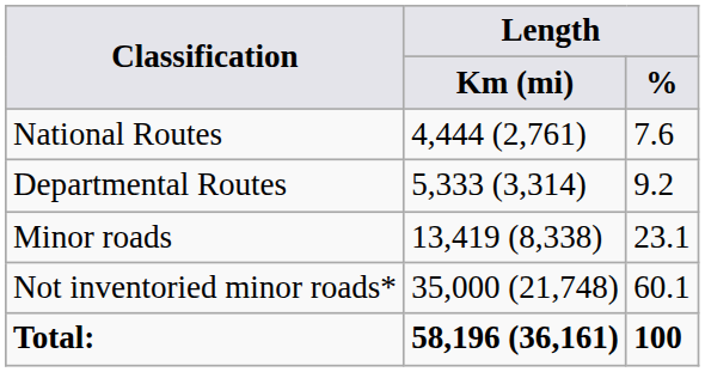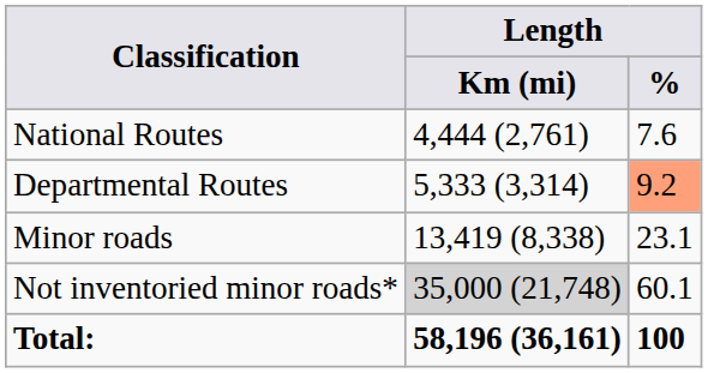 <table class="wikitable">
 <tr>
 <td bgcolor="#E4E4EA" rowspan="2" align="center"><strong>Classification</strong></td>
 <td bgcolor="#E4E4EA" align="center" colspan="2"><strong>Length</strong></td>
 </tr>
 <tr>
 <td bgcolor="#E4E4EA" align="center"><strong>Km (mi)</strong></td>
 <td bgcolor="#E4E4EA" align="center"><strong>%</strong></td>
 </tr>
 <tr>
 <td>National Routes</td>
 <td>4,444 (2,761)</td>
 <td>7.6</td>
 </tr>
 <tr>
 <td>Departmental Routes</td>
 <td>5,333 (3,314)</td>
-<td>9.2</td>
+<td style="background: lightsalmon;">9.2</td>
 </tr>
 <tr>
 <td>Minor roads</td>
 <td>13,419 (8,338)</td>
 <td>23.1</td>
 </tr>
 <tr>
 <td>Not inventoried minor roads*</td>
-<td>35,000 (21,748)</td>
+<td style="background: lightgrey;">35,000 (21,748)</td>
 <td>60.1</td>
 </tr>
 <tr>
 <td><strong>Total:</strong></td>
 <td><strong>58,196 (36,161)</strong></td>
 <td><strong>100</strong></td>
 </tr>
 </table>
